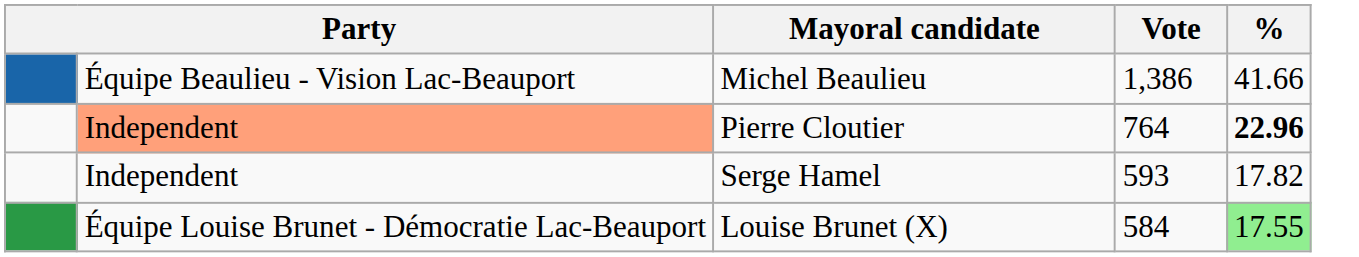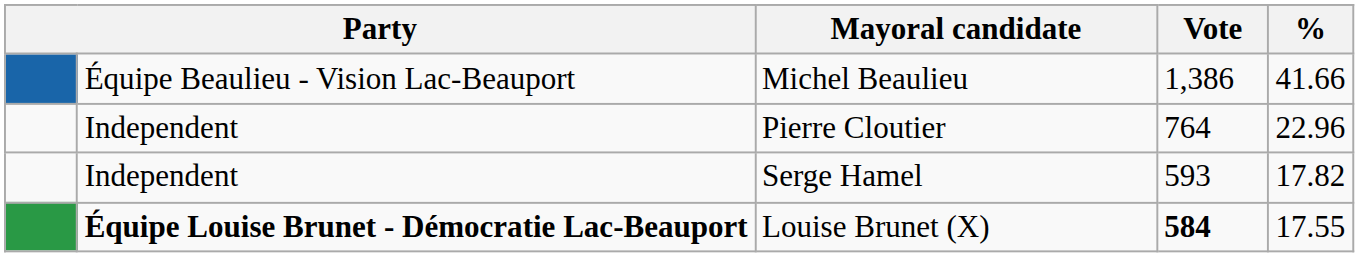 <table class="wikitable">
 <tr>
 <th bgcolor="#DDDDFF" width="230px" colspan="2">Party</th>
 <th bgcolor="#DDDDFF" width="200px">Mayoral candidate</th>
 <th bgcolor="#DDDDFF" width="50px">Vote</th>
 <th bgcolor="#DDDDFF" width="30px">%</th>
 </tr>
 <tr>
 <td bgcolor=#1965A9 width="30px"> </td>
 <td>Équipe Beaulieu - Vision Lac-Beauport</td>
 <td>Michel Beaulieu</td>
 <td>1,386</td>
 <td>41.66</td>
 </tr>
 <tr>
 <td> </td>
-<td style="background: lightsalmon;">Independent</td>
+<td>Independent</td>
 <td>Pierre Cloutier</td>
 <td>764</td>
-<td><strong>22.96</strong></td>
+<td>22.96</td>
 </tr>
 <tr>
 <td> </td>
 <td>Independent</td>
 <td>Serge Hamel</td>
 <td>593</td>
 <td>17.82</td>
 </tr>
 <tr>
 <td bgcolor=#299945 width="30px"> </td>
-<td>Équipe Louise Brunet - Démocratie Lac-Beauport</td>
+<td><strong>Équipe Louise Brunet - Démocratie Lac-Beauport</strong></td>
 <td>Louise Brunet (X)</td>
-<td>584</td>
-<td style="background: lightgreen;">17.55</td>
+<td><strong>584</strong></td>
+<td>17.55</td>
 </tr>
 </table>
